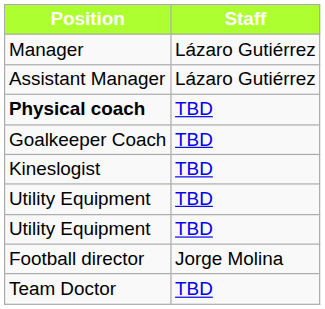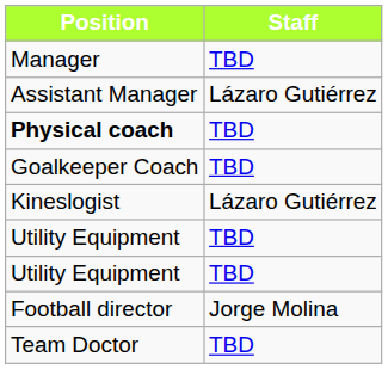 <table class="wikitable">
 <tr>
 <th style="color:White; background:#ADFF2F;">Position</th>
 <th style="color:White; background:#ADFF2F;">Staff</th>
 </tr>
 <tr>
 <td>Manager</td>
-<td> Lázaro Gutiérrez</td>
+<td>  <a href='#'>TBD</a></td>
 </tr>
 <tr>
 <td>Assistant Manager</td>
 <td> Lázaro Gutiérrez</td>
 </tr>
 <tr>
 <td><strong>Physical coach</strong></td>
 <td>  <a href='#'>TBD</a></td>
 </tr>
 <tr>
 <td>Goalkeeper Coach</td>
 <td> <a href='#'>TBD</a></td>
 </tr>
 <tr>
 <td>Kineslogist</td>
-<td>  <a href='#'>TBD</a></td>
+<td> Lázaro Gutiérrez</td>
 </tr>
 <tr>
 <td>Utility Equipment</td>
 <td> <a href='#'>TBD</a></td>
 </tr>
 <tr>
 <td>Utility Equipment</td>
 <td> <a href='#'>TBD</a></td>
 </tr>
 <tr>
 <td>Football director</td>
 <td> Jorge Molina</td>
 </tr>
 <tr>
 <td>Team Doctor</td>
 <td> <a href='#'>TBD</a></td>
 </tr>
 </table>
